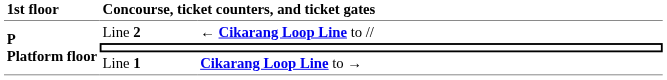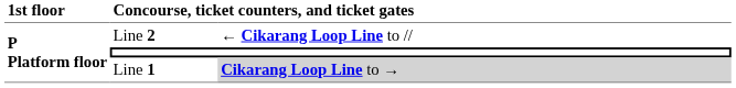 <table cellspacing="0" cellpadding="3">
 <tr>
 <td><strong>1st floor</strong></td>
 <td colspan="2"><strong>Concourse, ticket counters, and ticket gates</strong></td>
 </tr>
 <tr>
 <td rowspan="3" style="border-top:solid 1px gray;border-bottom:solid 1px gray;"><strong>P</strong><br><strong>Platform floor</strong></td>
 <td style="border-top:solid 1px gray;" width="100">Line <strong>2</strong></td>
 <td style="border-top:solid 1px gray;" width="500">←   <strong><a href='#'>Cikarang Loop Line</a></strong> to //</td>
 </tr>
 <tr>
 <td colspan="2" style="border-top:solid 2px black;border-right:solid 2px black;border-left:solid 2px black;border-bottom:solid 2px black;text-align:center;"></td>
 </tr>
 <tr>
 <td style="border-bottom:solid 1px gray;">Line <strong>1</strong></td>
-<td style="border-bottom:solid 1px gray;"> <strong><a href='#'>Cikarang Loop Line</a></strong> to   →</td>
+<td style="background: lightgrey; border-bottom:solid 1px gray;"> <strong><a href='#'>Cikarang Loop Line</a></strong> to   →</td>
 </tr>
 </table>
